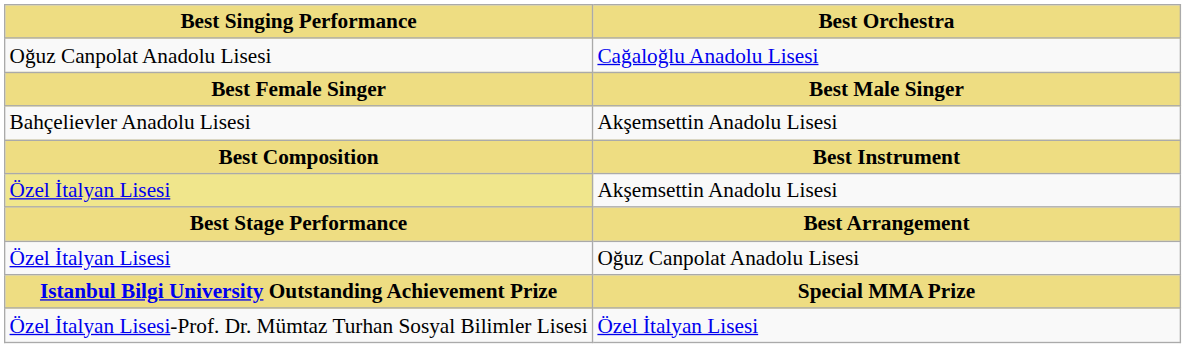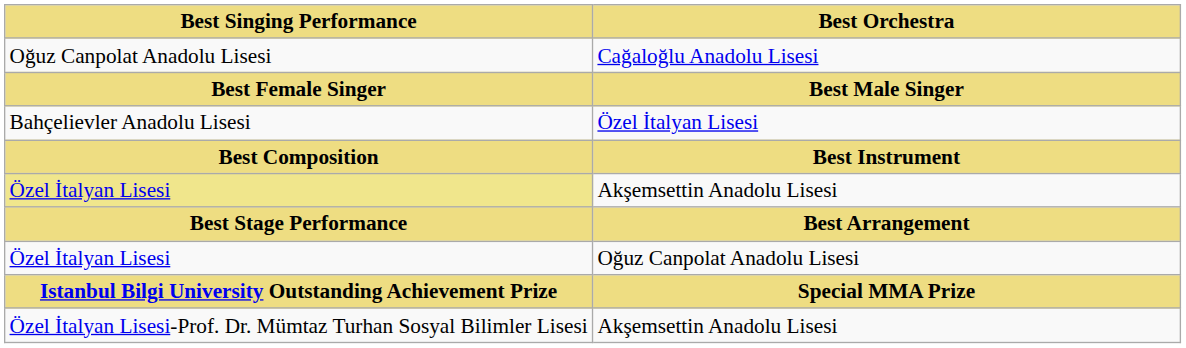 <table class=wikitable>
 <tr>
 <th style="background:#EEDD82; width:50%">Best Singing Performance</th>
 <th style="background:#EEDD82; width:50%">Best Orchestra</th>
 </tr>
 <tr>
 <td valign="top">Oğuz Canpolat Anadolu Lisesi</td>
 <td valign="top"><a href='#'>Cağaloğlu Anadolu Lisesi</a></td>
 </tr>
 <tr>
 <th style="background:#EEDD82; width:50%">Best Female Singer</th>
 <th style="background:#EEDD82; width:50%">Best Male Singer</th>
 </tr>
 <tr>
 <td valign="top">Bahçelievler Anadolu Lisesi</td>
-<td valign="top">Akşemsettin Anadolu Lisesi</td>
+<td valign="top"><a href='#'>Özel İtalyan Lisesi</a></td>
 </tr>
 <tr>
 <th style="background:#EEDD82; width:50%">Best Composition</th>
 <th style="background:#EEDD82; width:50%">Best Instrument</th>
 </tr>
 <tr>
 <td valign="top" style="background: khaki;"><a href='#'>Özel İtalyan Lisesi</a></td>
 <td valign="top">Akşemsettin Anadolu Lisesi</td>
 </tr>
 <tr>
 <th style="background:#EEDD82; width:50%">Best Stage Performance</th>
 <th style="background:#EEDD82; width:50%">Best Arrangement</th>
 </tr>
 <tr>
 <td valign="top"><a href='#'>Özel İtalyan Lisesi</a></td>
 <td valign="top">Oğuz Canpolat Anadolu Lisesi</td>
 </tr>
 <tr>
 <th style="background:#EEDD82; width:50%"><a href='#'>Istanbul Bilgi University</a> Outstanding Achievement Prize</th>
 <th style="background:#EEDD82; width:50%">Special MMA Prize</th>
 </tr>
 <tr>
 <td valign="top"><a href='#'>Özel İtalyan Lisesi</a>-Prof. Dr. Mümtaz Turhan Sosyal Bilimler Lisesi</td>
-<td valign="top"><a href='#'>Özel İtalyan Lisesi</a></td>
+<td valign="top">Akşemsettin Anadolu Lisesi</td>
 </tr>
 </table>
